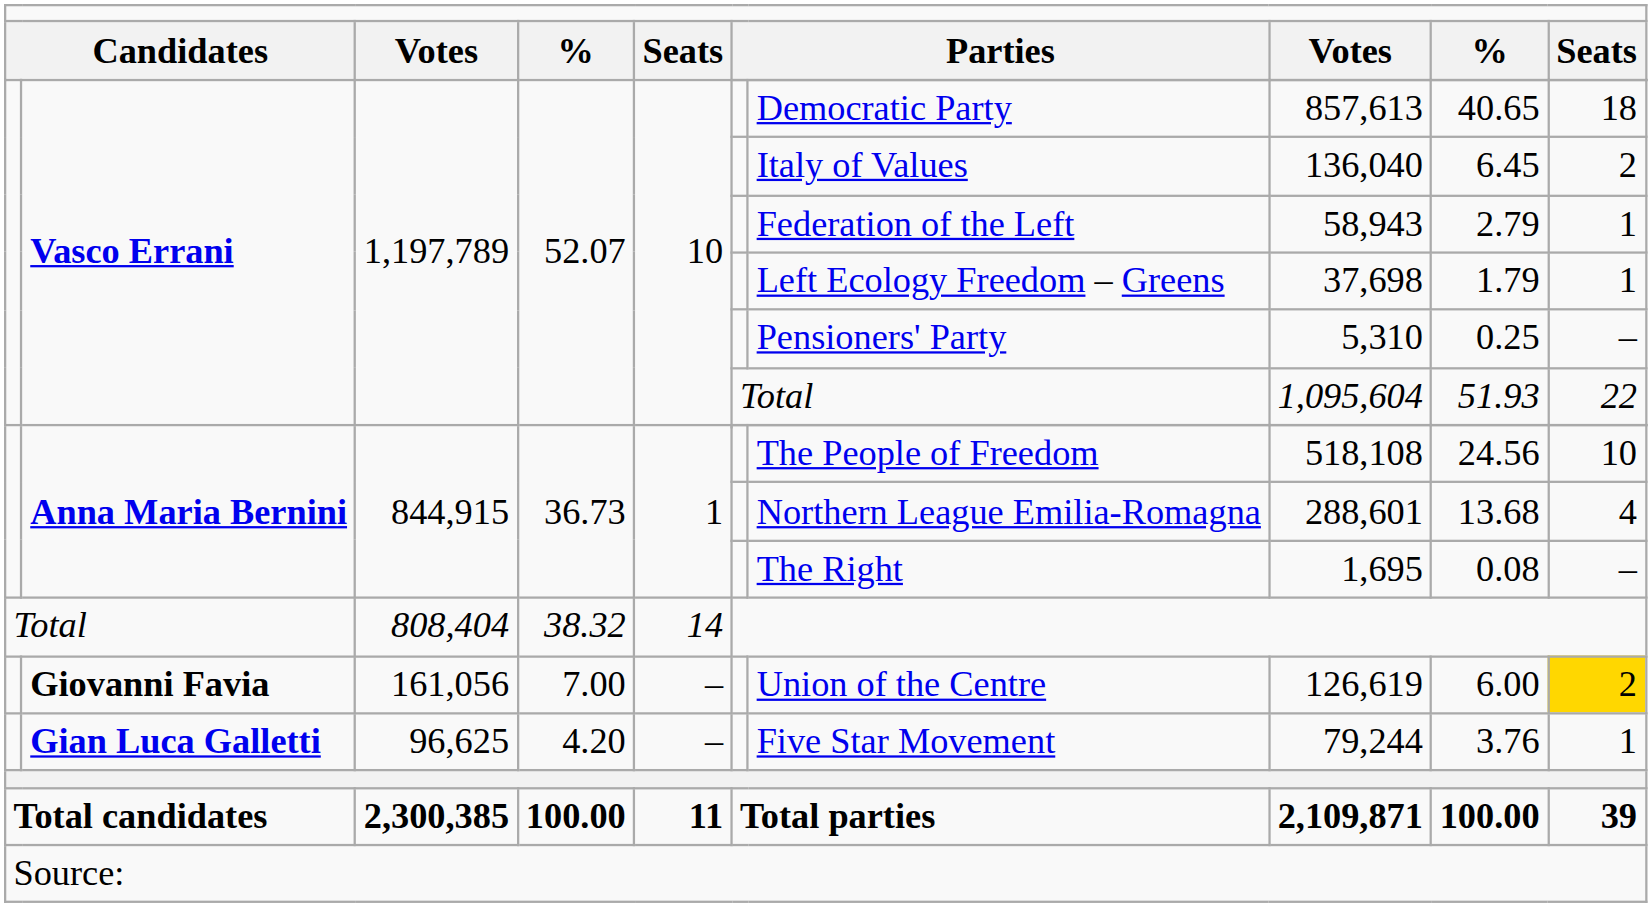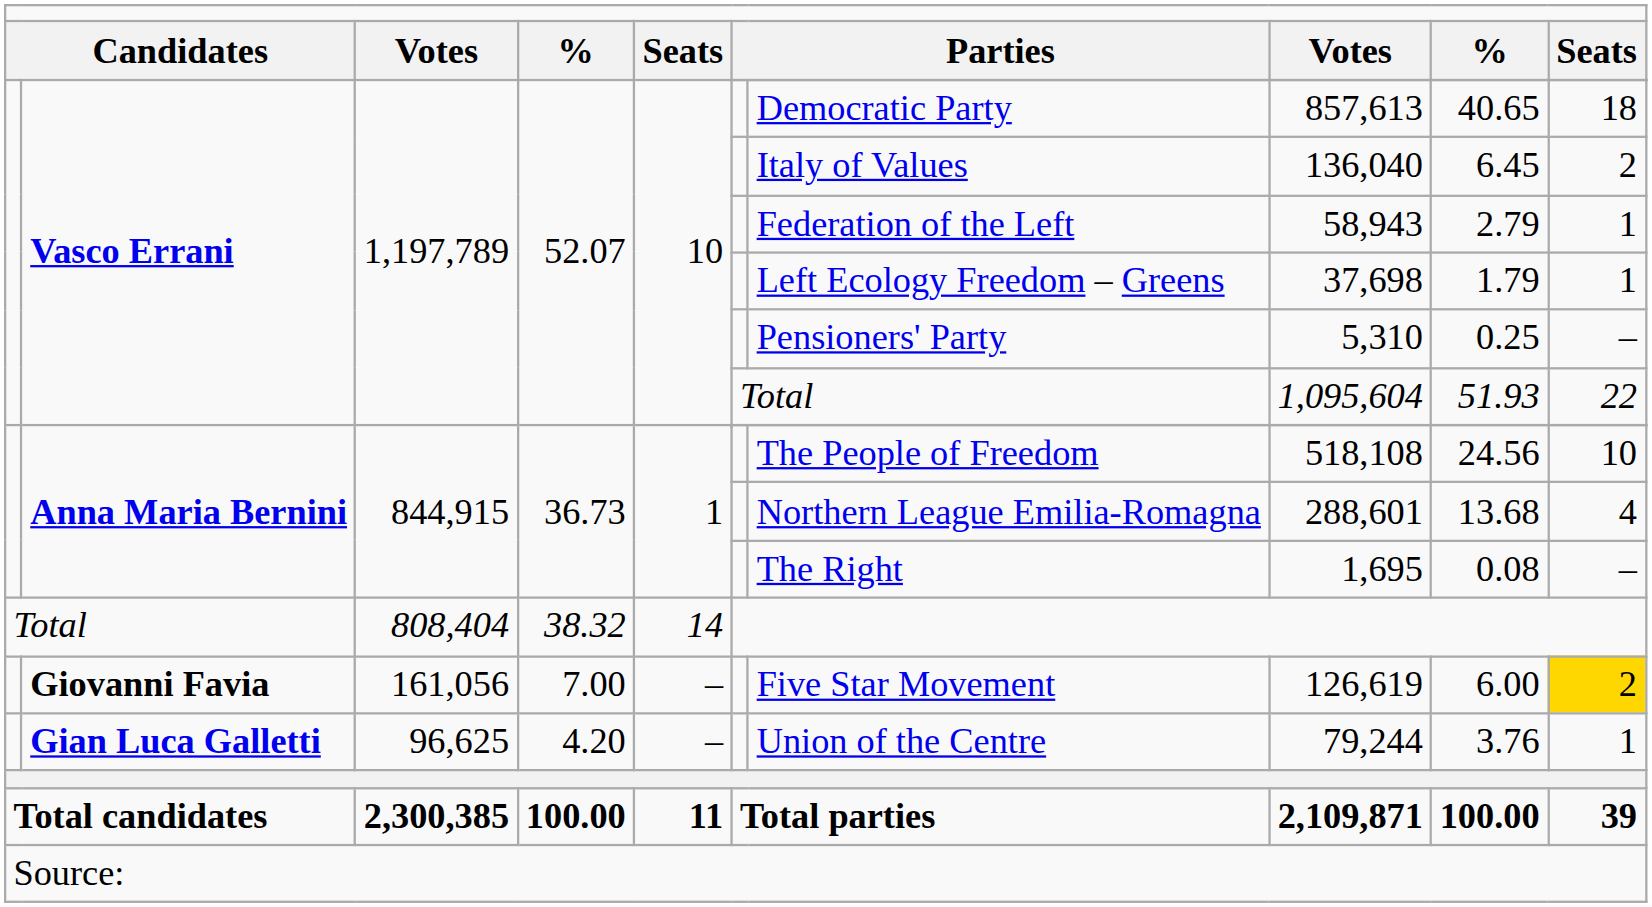 <table class="wikitable">
 <tr>
 <td colspan=10></td>
 </tr>
 <tr>
 <th colspan=2>Candidates</th>
 <th>Votes</th>
 <th>%</th>
 <th>Seats</th>
 <th colspan=2>Parties</th>
 <th>Votes</th>
 <th>%</th>
 <th>Seats</th>
 </tr>
 <tr>
 <td rowspan=7></td>
 <td rowspan=7><strong><a href='#'>Vasco Errani</a></strong></td>
 <td rowspan=7 align=right>1,197,789</td>
 <td rowspan=7 align=right>52.07</td>
 <td rowspan=7 align=right>10</td>
 </tr>
 <tr>
 <td></td>
 <td><a href='#'>Democratic Party</a></td>
 <td align=right>857,613</td>
 <td align=right>40.65</td>
 <td align=right>18</td>
 </tr>
 <tr>
 <td></td>
 <td><a href='#'>Italy of Values</a></td>
 <td align=right>136,040</td>
 <td align=right>6.45</td>
 <td align=right>2</td>
 </tr>
 <tr>
 <td></td>
 <td><a href='#'>Federation of the Left</a></td>
 <td align=right>58,943</td>
 <td align=right>2.79</td>
 <td align=right>1</td>
 </tr>
 <tr>
 <td></td>
 <td><a href='#'>Left Ecology Freedom</a> – <a href='#'>Greens</a></td>
 <td align=right>37,698</td>
 <td align=right>1.79</td>
 <td align=right>1</td>
 </tr>
 <tr>
 <td></td>
 <td><a href='#'>Pensioners' Party</a></td>
 <td align=right>5,310</td>
 <td align=right>0.25</td>
 <td align=right>–</td>
 </tr>
 <tr>
 <td colspan=2><em>Total</em></td>
 <td align=right><em>1,095,604</em></td>
 <td align=right><em>51.93</em></td>
 <td align=right><em>22</em></td>
 </tr>
 <tr>
 <td rowspan=5></td>
 <td rowspan=5><strong><a href='#'>Anna Maria Bernini</a></strong></td>
 <td rowspan=5 align=right>844,915</td>
 <td rowspan=5 align=right>36.73</td>
 <td rowspan=5 align=right>1</td>
 </tr>
 <tr>
 </tr>
 <tr>
 <td></td>
 <td><a href='#'>The People of Freedom</a></td>
 <td align=right>518,108</td>
 <td align=right>24.56</td>
 <td align=right>10</td>
 </tr>
 <tr>
 <td></td>
 <td><a href='#'>Northern League Emilia-Romagna</a></td>
 <td align=right>288,601</td>
 <td align=right>13.68</td>
 <td align=right>4</td>
 </tr>
 <tr>
 <td></td>
 <td><a href='#'>The Right</a></td>
 <td align=right>1,695</td>
 <td align=right>0.08</td>
 <td align=right>–</td>
 </tr>
 <tr>
 <td colspan=2><em>Total</em></td>
 <td align=right><em>808,404</em></td>
 <td align=right><em>38.32</em></td>
 <td align=right><em>14</em></td>
 </tr>
 <tr>
 <td></td>
 <td><strong>Giovanni Favia</strong></td>
 <td align=right>161,056</td>
 <td align=right>7.00</td>
 <td align=right>–</td>
 <td></td>
-<td><a href='#'>Union of the Centre</a></td>
+<td><a href='#'>Five Star Movement</a></td>
 <td align=right>126,619</td>
 <td align=right>6.00</td>
 <td align=right style="background: gold;">2</td>
 </tr>
 <tr>
 <td></td>
 <td><strong><a href='#'>Gian Luca Galletti</a></strong></td>
 <td align=right>96,625</td>
 <td align=right>4.20</td>
 <td align=right>–</td>
 <td></td>
-<td><a href='#'>Five Star Movement</a></td>
+<td><a href='#'>Union of the Centre</a></td>
 <td align=right>79,244</td>
 <td align=right>3.76</td>
 <td align=right>1</td>
 </tr>
 <tr>
 <th colspan=10></th>
 </tr>
 <tr>
 <td colspan=2><strong>Total candidates</strong></td>
 <td align=right><strong>2,300,385</strong></td>
 <td align=right><strong>100.00</strong></td>
 <td align=right><strong>11</strong></td>
 <td colspan=2><strong>Total parties</strong></td>
 <td align=right><strong>2,109,871</strong></td>
 <td align=right><strong>100.00</strong></td>
 <td align=right><strong>39</strong></td>
 </tr>
 <tr>
 <td colspan=10>Source: </td>
 </tr>
 </table>
